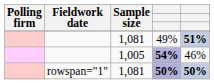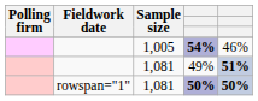 <table class="wikitable sortable" style="text-align:center;font-size:95%;line-height:14px;">
 <tr>
 <th rowspan="3">Polling<br>firm</th>
 <th rowspan="3">Fieldwork<br>date</th>
 <th rowspan="3">Sample<br>size</th>
 <th></th>
 <th></th>
 </tr>
 <tr>
 <th></th>
 <th></th>
 </tr>
 <tr>
 <th style="background:"></th>
 <th style="background:"></th>
 </tr>
 <tr>
 </tr>
 <tr>
+<td style="background:#FFCCFF;"></td>
+<td></td>
+<td>1,005</td>
+<td style="background:#AFAFD7;"><strong>54%</strong></td>
+<td>46%</td>
+</tr>
+<tr>
 <td style="background:#FFCCCC;"></td>
 <td></td>
 <td>1,081</td>
 <td>49%</td>
 <td style="background:#C1CCE1;"><strong>51%</strong></td>
-</tr>
-<tr>
-<td style="background:#FFCCFF;"></td>
-<td></td>
-<td>1,005</td>
-<td style="background:#AFAFD7;"><strong>54%</strong></td>
-<td>46%</td>
 </tr>
 <tr>
 <td rowspan="1" style="background:#FFCCCC;"></td>
 <td>rowspan="1" </td>
 <td rowspan="1">1,081</td>
 <td style="background:#AFAFD7;"><strong>50%</strong></td>
 <td style="background:#C1CCE1;"><strong>50%</strong></td>
 </tr>
 </table>
